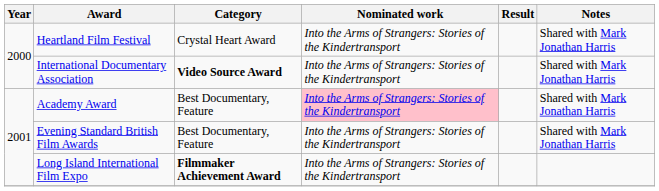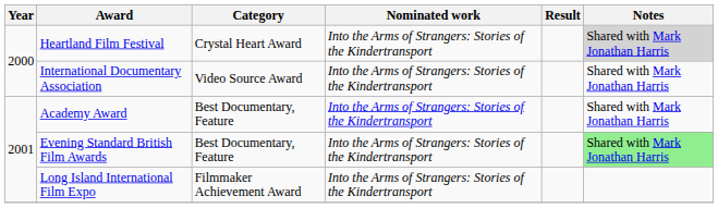 <table class="wikitable sortable">
 <tr>
 <th>Year</th>
 <th>Award</th>
 <th>Category</th>
 <th>Nominated work</th>
 <th>Result</th>
 <th class=unsortable>Notes</th>
 </tr>
 <tr>
 <td rowspan=2>2000</td>
 <td><a href='#'>Heartland Film Festival</a></td>
 <td>Crystal Heart Award</td>
 <td><em>Into the Arms of Strangers: Stories of the Kindertransport</em></td>
 <td></td>
-<td>Shared with <a href='#'>Mark Jonathan Harris</a></td>
+<td style="background: lightgrey;">Shared with <a href='#'>Mark Jonathan Harris</a></td>
 </tr>
 <tr>
 <td><a href='#'>International Documentary Association</a></td>
-<td><strong>Video Source Award</strong></td>
+<td>Video Source Award</td>
 <td><em>Into the Arms of Strangers: Stories of the Kindertransport</em></td>
 <td></td>
 <td>Shared with <a href='#'>Mark Jonathan Harris</a></td>
 </tr>
 <tr>
 <td rowspan=3>2001</td>
 <td><a href='#'>Academy Award</a></td>
 <td>Best Documentary, Feature</td>
-<td style="background: pink;"><em><a href='#'>Into the Arms of Strangers: Stories of the Kindertransport</a></em></td>
+<td><em><a href='#'>Into the Arms of Strangers: Stories of the Kindertransport</a></em></td>
 <td></td>
 <td>Shared with <a href='#'>Mark Jonathan Harris</a></td>
 </tr>
 <tr>
 <td><a href='#'>Evening Standard British Film Awards</a></td>
 <td>Best Documentary, Feature</td>
 <td><em>Into the Arms of Strangers: Stories of the Kindertransport</em></td>
 <td></td>
-<td>Shared with <a href='#'>Mark Jonathan Harris</a></td>
+<td style="background: lightgreen;">Shared with <a href='#'>Mark Jonathan Harris</a></td>
 </tr>
 <tr>
 <td><a href='#'>Long Island International Film Expo</a></td>
-<td><strong>Filmmaker Achievement Award</strong></td>
+<td>Filmmaker Achievement Award</td>
 <td><em>Into the Arms of Strangers: Stories of the Kindertransport</em></td>
 <td></td>
 <td></td>
 </tr>
 <tr>
 </tr>
 </table>
